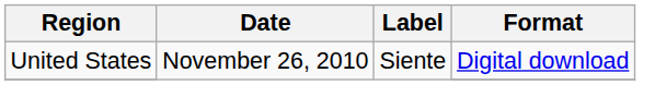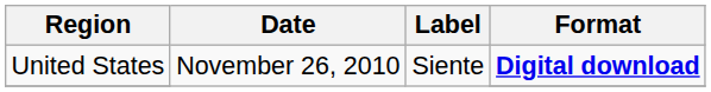 <table class="wikitable">
 <tr>
 <th>Region</th>
 <th>Date</th>
 <th>Label</th>
 <th>Format</th>
 </tr>
 <tr>
 <td>United States</td>
 <td rowspan="2">November 26, 2010</td>
 <td rowspan="2">Siente</td>
-<td><a href='#'>Digital download</a></td>
+<td><strong><a href='#'>Digital download</a></strong></td>
 </tr>
 <tr>
 </tr>
 </table>
